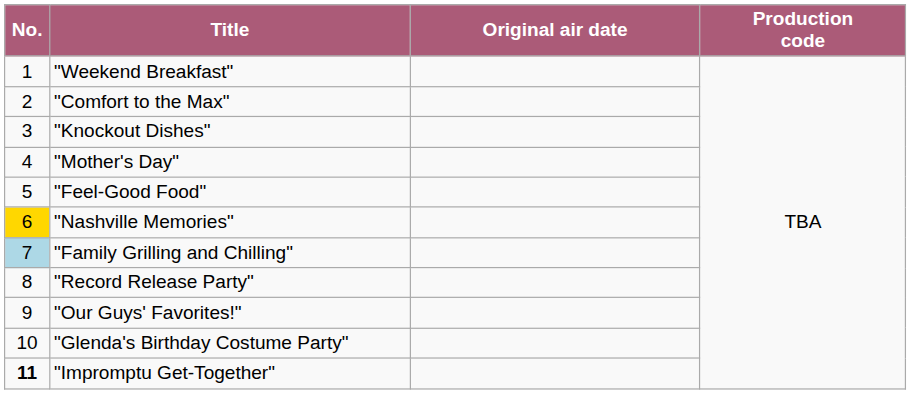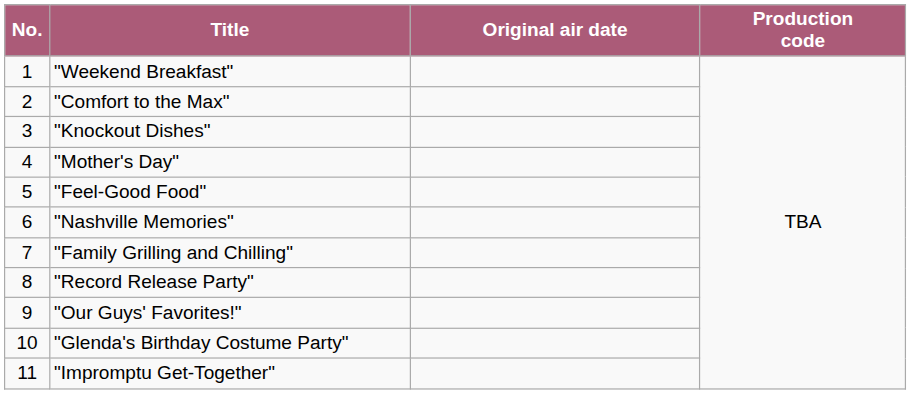 <table class="wikitable plainrowheaders" style="width:60%;">
 <tr>
 <th style="background-color: #ab5b78; color: #FFFFFF;" width=5%>No.</th>
 <th style="background-color: #ab5b78; color: #FFFFFF;" width=40%>Title</th>
 <th style="background-color: #ab5b78; color: #FFFFFF;">Original air date</th>
 <th style="background-color: #ab5b78; color: #FFFFFF;">Production<br>code</th>
 </tr>
 <tr>
 <td align=center>1</td>
 <td>"Weekend Breakfast"</td>
 <td align=center></td>
 <td align=center rowspan=11>TBA</td>
 </tr>
 <tr>
 <td align=center>2</td>
 <td>"Comfort to the Max"</td>
 <td align=center></td>
 </tr>
 <tr>
 <td align=center>3</td>
 <td>"Knockout Dishes"</td>
 <td align=center></td>
 </tr>
 <tr>
 <td align=center>4</td>
 <td>"Mother's Day"</td>
 <td align=center></td>
 </tr>
 <tr>
 <td align=center>5</td>
 <td>"Feel-Good Food"</td>
 <td align=center></td>
 </tr>
 <tr>
-<td align=center style="background: gold;">6</td>
+<td align=center>6</td>
 <td>"Nashville Memories"</td>
 <td align=center></td>
 </tr>
 <tr>
-<td align=center style="background: lightblue;">7</td>
+<td align=center>7</td>
 <td>"Family Grilling and Chilling"</td>
 <td align=center></td>
 </tr>
 <tr>
 <td align=center>8</td>
 <td>"Record Release Party"</td>
 <td align=center></td>
 </tr>
 <tr>
 <td align=center>9</td>
 <td>"Our Guys' Favorites!"</td>
 <td align=center></td>
 </tr>
 <tr>
 <td align=center>10</td>
 <td>"Glenda's Birthday Costume Party"</td>
 <td align=center></td>
 </tr>
 <tr>
-<td align=center><strong>11</strong></td>
+<td align=center>11</td>
 <td>"Impromptu Get-Together"</td>
 <td align=center></td>
 </tr>
 </table>
